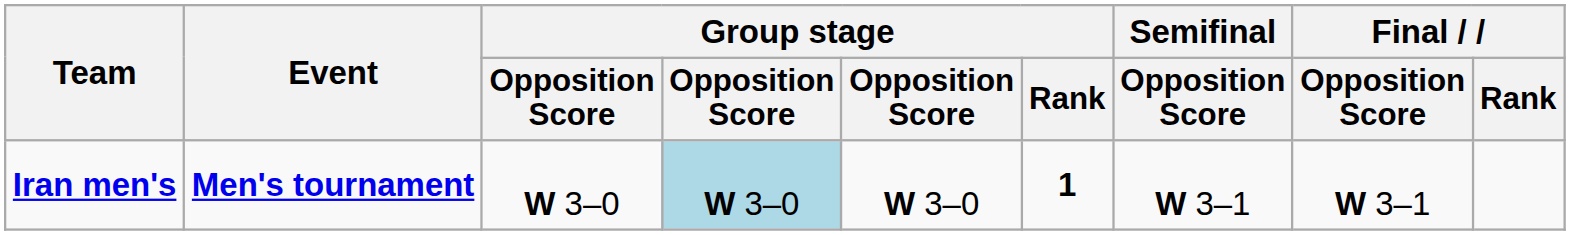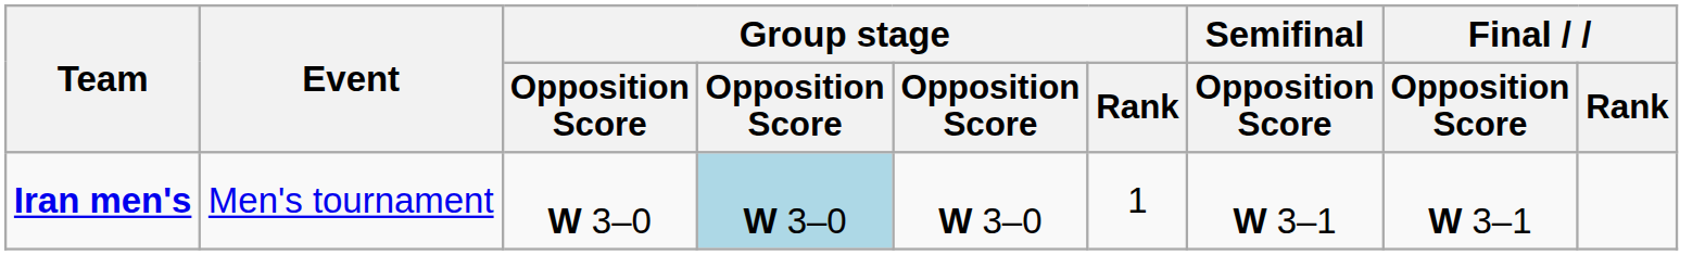 <table class="wikitable" style="text-align:center; font-size:90%">
 <tr>
 <th rowspan="2">Team</th>
 <th rowspan="2">Event</th>
 <th colspan="4">Group stage</th>
 <th>Semifinal</th>
 <th colspan="2">Final /  / </th>
 </tr>
 <tr style="font-size:95%">
 <th>Opposition<br>Score</th>
 <th>Opposition<br>Score</th>
 <th>Opposition<br>Score</th>
 <th>Rank</th>
 <th>Opposition<br>Score</th>
 <th>Opposition<br>Score</th>
 <th>Rank</th>
 </tr>
 <tr>
 <td align="left"><strong><a href='#'>Iran men's</a></strong></td>
-<td align="left"><strong><a href='#'>Men's tournament</a></strong></td>
+<td align="left"><a href='#'>Men's tournament</a></td>
 <td><br><strong>W</strong> 3–0</td>
 <td style="background: lightblue;"><br><strong>W</strong> 3–0</td>
 <td><br><strong>W</strong> 3–0</td>
-<td><strong>1</strong></td>
+<td>1</td>
 <td><br><strong>W</strong> 3–1</td>
 <td><br><strong>W</strong> 3–1</td>
 <td></td>
 </tr>
 </table>
